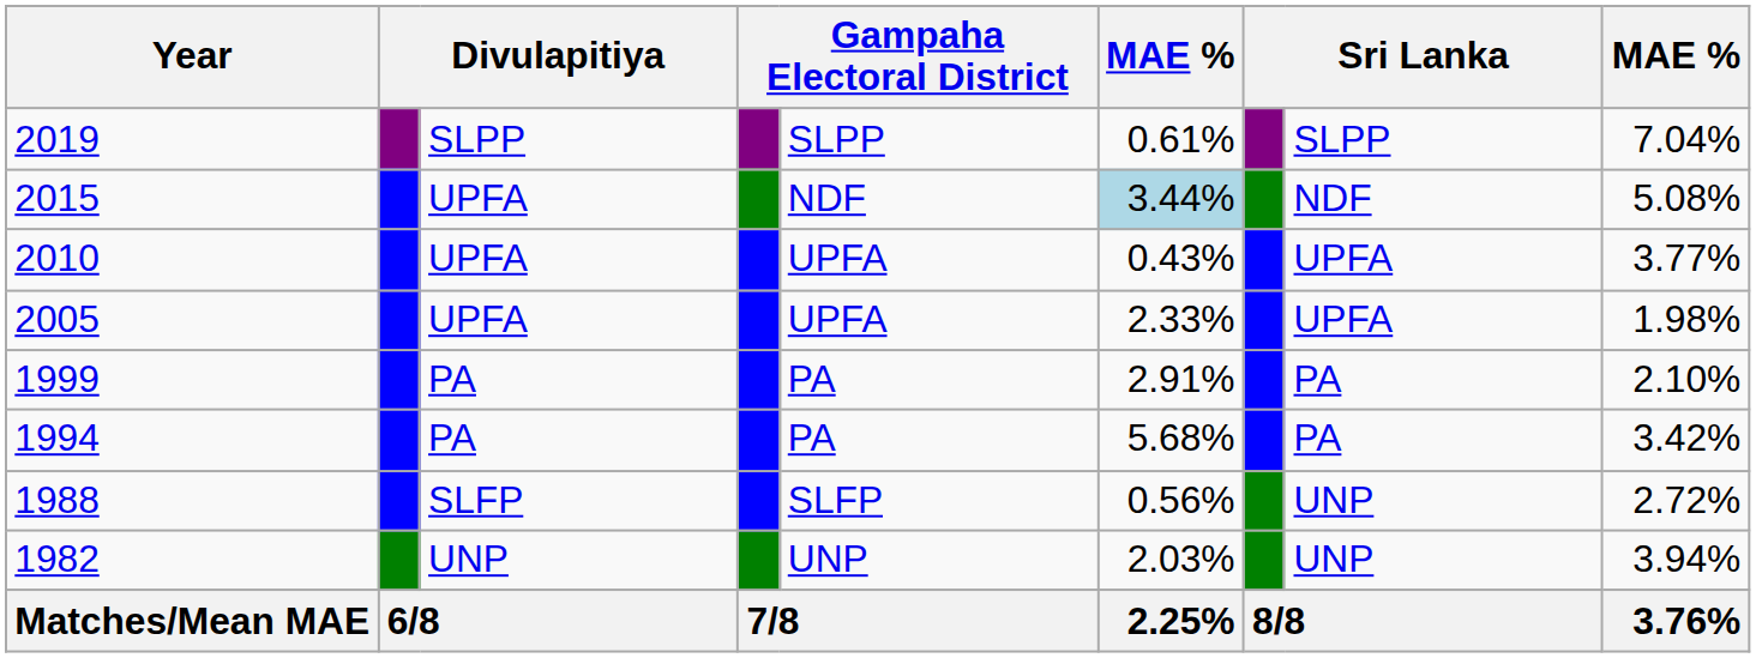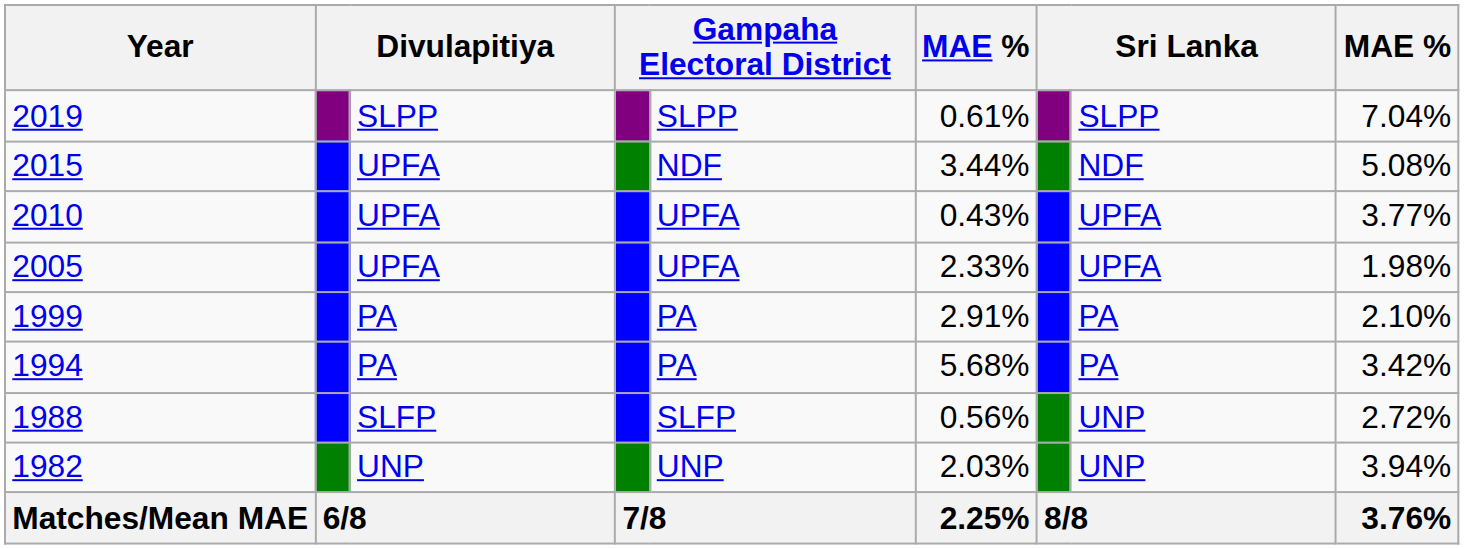 <table class="wikitable">
 <tr>
 <th>Year</th>
 <th colspan="2" width="144px">Divulapitiya</th>
 <th colspan="2" width="144px"><a href='#'>Gampaha Electoral District</a></th>
 <th><a href='#'>MAE</a> %</th>
 <th colspan="2" width="144px">Sri Lanka</th>
 <th>MAE %</th>
 </tr>
 <tr>
 <td><a href='#'>2019</a></td>
 <td style="background-color:purple;" width="10px"></td>
 <td style="text-align:left;"><a href='#'>SLPP</a></td>
 <td style="background-color:purple;" width="10px"></td>
 <td style="text-align:left;"><a href='#'>SLPP</a></td>
 <td style="text-align:right;">0.61%</td>
 <td style="background-color:purple;" width="10px"></td>
 <td style="text-align:left;"><a href='#'>SLPP</a></td>
 <td style="text-align:right;">7.04%</td>
 </tr>
 <tr>
 <td><a href='#'>2015</a></td>
 <td style="background-color:blue;" width="10px"></td>
 <td style="text-align:left;"><a href='#'>UPFA</a></td>
 <td style="background-color:green;" width="10px"></td>
 <td style="text-align:left;"><a href='#'>NDF</a></td>
-<td style="background: lightblue; text-align:right;">3.44%</td>
+<td style="text-align:right;">3.44%</td>
 <td style="background-color:green;" width="10px"></td>
 <td style="text-align:left;"><a href='#'>NDF</a></td>
 <td style="text-align:right;">5.08%</td>
 </tr>
 <tr>
 <td><a href='#'>2010</a></td>
 <td style="background-color:blue;" width="10px"></td>
 <td style="text-align:left;"><a href='#'>UPFA</a></td>
 <td style="background-color:blue;" width="10px"></td>
 <td style="text-align:left;"><a href='#'>UPFA</a></td>
 <td style="text-align:right;">0.43%</td>
 <td style="background-color:blue;" width="10px"></td>
 <td style="text-align:left;"><a href='#'>UPFA</a></td>
 <td style="text-align:right;">3.77%</td>
 </tr>
 <tr>
 <td><a href='#'>2005</a></td>
 <td style="background-color:blue;" width="10px"></td>
 <td style="text-align:left;"><a href='#'>UPFA</a></td>
 <td style="background-color:blue;" width="10px"></td>
 <td style="text-align:left;"><a href='#'>UPFA</a></td>
 <td style="text-align:right;">2.33%</td>
 <td style="background-color:blue;" width="10px"></td>
 <td style="text-align:left;"><a href='#'>UPFA</a></td>
 <td style="text-align:right;">1.98%</td>
 </tr>
 <tr>
 <td><a href='#'>1999</a></td>
 <td style="background-color:blue;" width="10px"></td>
 <td style="text-align:left;"><a href='#'>PA</a></td>
 <td style="background-color:blue;" width="10px"></td>
 <td style="text-align:left;"><a href='#'>PA</a></td>
 <td style="text-align:right;">2.91%</td>
 <td style="background-color:blue;" width="10px"></td>
 <td style="text-align:left;"><a href='#'>PA</a></td>
 <td style="text-align:right;">2.10%</td>
 </tr>
 <tr>
 <td><a href='#'>1994</a></td>
 <td style="background-color:blue;" width="10px"></td>
 <td style="text-align:left;"><a href='#'>PA</a></td>
 <td style="background-color:blue;" width="10px"></td>
 <td style="text-align:left;"><a href='#'>PA</a></td>
 <td style="text-align:right;">5.68%</td>
 <td style="background-color:blue;" width="10px"></td>
 <td style="text-align:left;"><a href='#'>PA</a></td>
 <td style="text-align:right;">3.42%</td>
 </tr>
 <tr>
 <td><a href='#'>1988</a></td>
 <td style="background-color:blue;" width="10px"></td>
 <td style="text-align:left;"><a href='#'>SLFP</a></td>
 <td style="background-color:blue;" width="10px"></td>
 <td style="text-align:left;"><a href='#'>SLFP</a></td>
 <td style="text-align:right;">0.56%</td>
 <td style="background-color:green;" width="10px"></td>
 <td style="text-align:left;"><a href='#'>UNP</a></td>
 <td style="text-align:right;">2.72%</td>
 </tr>
 <tr>
 <td><a href='#'>1982</a></td>
 <td style="background-color:green;" width="10px"></td>
 <td style="text-align:left;"><a href='#'>UNP</a></td>
 <td style="background-color:green;" width="10px"></td>
 <td style="text-align:left;"><a href='#'>UNP</a></td>
 <td style="text-align:right;">2.03%</td>
 <td style="background-color:green;" width="10px"></td>
 <td style="text-align:left;"><a href='#'>UNP</a></td>
 <td style="text-align:right;">3.94%</td>
 </tr>
 <tr>
 <th>Matches/Mean MAE</th>
 <th style="text-align:left;"colspan="2" width="144px">6/8</th>
 <th style="text-align:left;"colspan="2" width="144px">7/8</th>
 <th style="text-align:right;">2.25%</th>
 <th style="text-align:left;"colspan="2" width="144px">8/8</th>
 <th style="text-align:right;">3.76%</th>
 </tr>
 </table>
